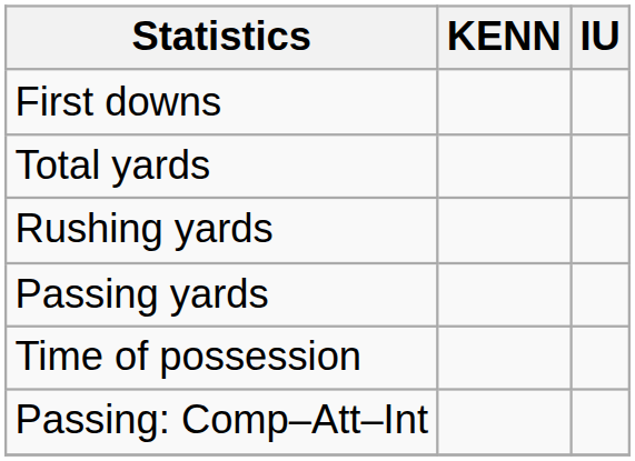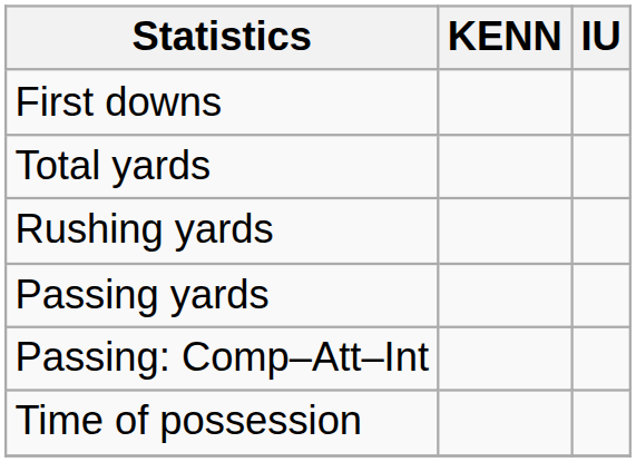 <table class="wikitable" style="float: left;">
 <tr>
 <th>Statistics</th>
 <th>KENN</th>
 <th>IU</th>
 </tr>
 <tr>
 <td>First downs</td>
 <td></td>
 <td></td>
 </tr>
 <tr>
 <td>Total yards</td>
 <td></td>
 <td></td>
 </tr>
 <tr>
 <td>Rushing yards</td>
 <td></td>
 <td></td>
 </tr>
 <tr>
 <td>Passing yards</td>
 <td></td>
 <td></td>
 </tr>
 <tr>
-<td>Time of possession</td>
+<td>Passing: Comp–Att–Int</td>
 <td></td>
 <td></td>
 </tr>
 <tr>
-<td>Passing: Comp–Att–Int</td>
+<td>Time of possession</td>
 <td></td>
 <td></td>
 </tr>
 <tr>
 </tr>
 </table>
